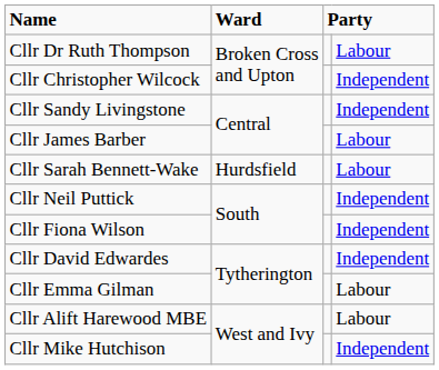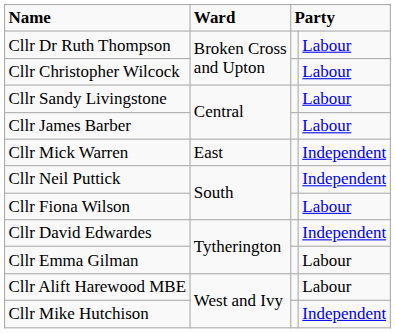 <table class="wikitable">
 <tr>
 <td><strong>Name</strong></td>
 <td><strong>Ward</strong></td>
 <td width="80" colspan="2"><strong>Party</strong></td>
 </tr>
 <tr>
 <td>Cllr Dr Ruth Thompson</td>
 <td rowspan="2">Broken Cross<br>and Upton</td>
 <td style="color:inherit;background:"></td>
 <td><a href='#'>Labour</a></td>
 </tr>
 <tr>
 <td>Cllr Christopher Wilcock</td>
 <td style="color:inherit;background:"></td>
-<td><a href='#'>Independent</a></td>
+<td><a href='#'>Labour</a></td>
 </tr>
 <tr>
 <td>Cllr Sandy Livingstone</td>
 <td rowspan="2">Central</td>
 <td style="color:inherit;background:"></td>
-<td><a href='#'>Independent</a></td>
+<td><a href='#'>Labour</a></td>
 </tr>
 <tr>
 <td>Cllr James Barber</td>
 <td style="color:inherit;background:"></td>
 <td><a href='#'>Labour</a></td>
 </tr>
 <tr>
-<td>Cllr Sarah Bennett-Wake</td>
-<td>Hurdsfield</td>
+<td>Cllr Mick Warren</td>
+<td>East</td>
 <td style="color:inherit;background:"></td>
-<td><a href='#'>Labour</a></td>
+<td><a href='#'>Independent</a></td>
 </tr>
 <tr>
 <td>Cllr Neil Puttick</td>
 <td rowspan="2">South</td>
 <td style="color:inherit;background:"></td>
 <td><a href='#'>Independent</a></td>
 </tr>
 <tr>
 <td>Cllr Fiona Wilson</td>
 <td style="color:inherit;background:"></td>
-<td><a href='#'>Independent</a></td>
+<td><a href='#'>Labour</a></td>
 </tr>
 <tr>
 <td>Cllr David Edwardes</td>
 <td rowspan="2">Tytherington</td>
 <td style="color:inherit;background:"></td>
 <td><a href='#'>Independent</a></td>
 </tr>
 <tr>
 <td>Cllr Emma Gilman</td>
 <td style="color:inherit;background:"></td>
 <td>Labour</td>
 </tr>
 <tr>
 <td>Cllr Alift Harewood MBE</td>
 <td rowspan="2">West and Ivy</td>
 <td style="color:inherit;background:"></td>
 <td>Labour</td>
 </tr>
 <tr>
 <td>Cllr Mike Hutchison</td>
 <td style="color:inherit;background:"></td>
 <td><a href='#'>Independent</a></td>
 </tr>
 </table>
